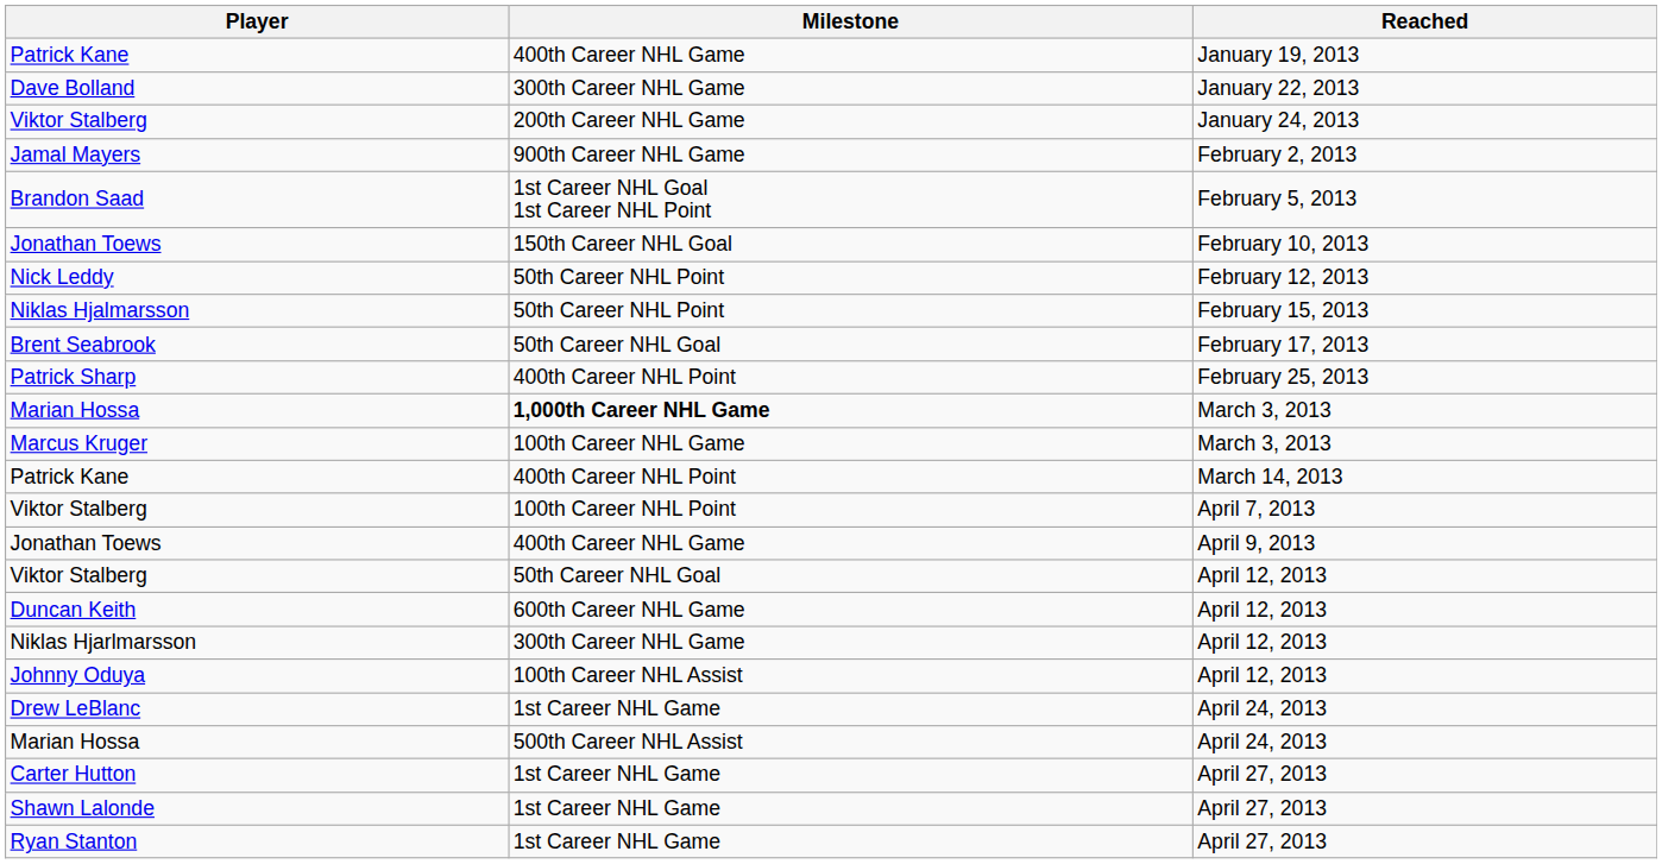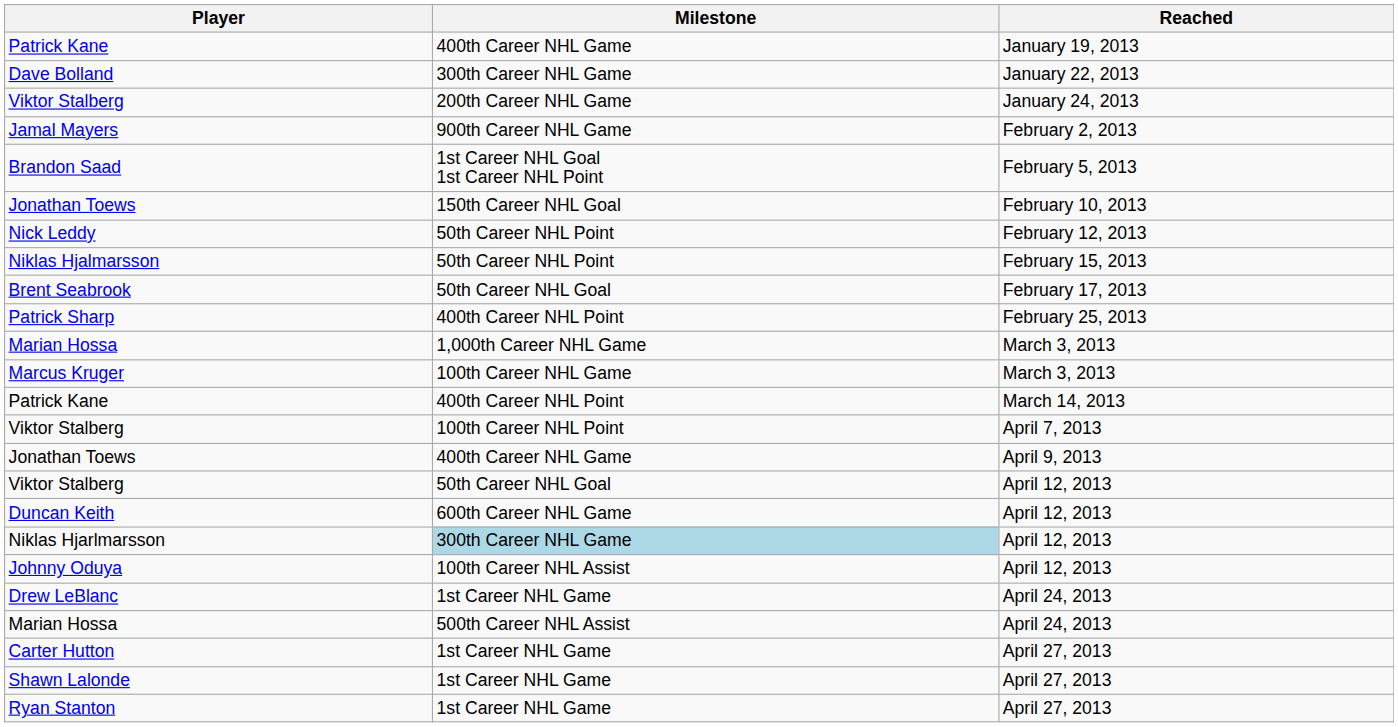 <table class="wikitable" style="width:100%;">
 <tr>
 <th>Player</th>
 <th>Milestone</th>
 <th>Reached</th>
 </tr>
 <tr>
 <td><a href='#'>Patrick Kane</a></td>
 <td>400th Career NHL Game</td>
 <td>January 19, 2013</td>
 </tr>
 <tr>
 <td><a href='#'>Dave Bolland</a></td>
 <td>300th Career NHL Game</td>
 <td>January 22, 2013</td>
 </tr>
 <tr>
 <td><a href='#'>Viktor Stalberg</a></td>
 <td>200th Career NHL Game</td>
 <td>January 24, 2013</td>
 </tr>
 <tr>
 <td><a href='#'>Jamal Mayers</a></td>
 <td>900th Career NHL Game</td>
 <td>February 2, 2013</td>
 </tr>
 <tr>
 <td><a href='#'>Brandon Saad</a></td>
 <td>1st Career NHL Goal<br>1st Career NHL Point</td>
 <td>February 5, 2013</td>
 </tr>
 <tr>
 <td><a href='#'>Jonathan Toews</a></td>
 <td>150th Career NHL Goal</td>
 <td>February 10, 2013</td>
 </tr>
 <tr>
 <td><a href='#'>Nick Leddy</a></td>
 <td>50th Career NHL Point</td>
 <td>February 12, 2013</td>
 </tr>
 <tr>
 <td><a href='#'>Niklas Hjalmarsson</a></td>
 <td>50th Career NHL Point</td>
 <td>February 15, 2013</td>
 </tr>
 <tr>
 <td><a href='#'>Brent Seabrook</a></td>
 <td>50th Career NHL Goal</td>
 <td>February 17, 2013</td>
 </tr>
 <tr>
 <td><a href='#'>Patrick Sharp</a></td>
 <td>400th Career NHL Point</td>
 <td>February 25, 2013</td>
 </tr>
 <tr>
 <td><a href='#'>Marian Hossa</a></td>
-<td><strong>1,000th Career NHL Game</strong></td>
+<td>1,000th Career NHL Game</td>
 <td>March 3, 2013</td>
 </tr>
 <tr>
 <td><a href='#'>Marcus Kruger</a></td>
 <td>100th Career NHL Game</td>
 <td>March 3, 2013</td>
 </tr>
 <tr>
 <td>Patrick Kane</td>
 <td>400th Career NHL Point</td>
 <td>March 14, 2013</td>
 </tr>
 <tr>
 <td>Viktor Stalberg</td>
 <td>100th Career NHL Point</td>
 <td>April 7, 2013</td>
 </tr>
 <tr>
 <td>Jonathan Toews</td>
 <td>400th Career NHL Game</td>
 <td>April 9, 2013</td>
 </tr>
 <tr>
 <td>Viktor Stalberg</td>
 <td>50th Career NHL Goal</td>
 <td>April 12, 2013</td>
 </tr>
 <tr>
 <td><a href='#'>Duncan Keith</a></td>
 <td>600th Career NHL Game</td>
 <td>April 12, 2013</td>
 </tr>
 <tr>
 <td>Niklas Hjarlmarsson</td>
-<td>300th Career NHL Game</td>
+<td style="background: lightblue;">300th Career NHL Game</td>
 <td>April 12, 2013</td>
 </tr>
 <tr>
 <td><a href='#'>Johnny Oduya</a></td>
 <td>100th Career NHL Assist</td>
 <td>April 12, 2013</td>
 </tr>
 <tr>
 <td><a href='#'>Drew LeBlanc</a></td>
 <td>1st Career NHL Game</td>
 <td>April 24, 2013</td>
 </tr>
 <tr>
 <td>Marian Hossa</td>
 <td>500th Career NHL Assist</td>
 <td>April 24, 2013</td>
 </tr>
 <tr>
 <td><a href='#'>Carter Hutton</a></td>
 <td>1st Career NHL Game</td>
 <td>April 27, 2013</td>
 </tr>
 <tr>
 <td><a href='#'>Shawn Lalonde</a></td>
 <td>1st Career NHL Game</td>
 <td>April 27, 2013</td>
 </tr>
 <tr>
 <td><a href='#'>Ryan Stanton</a></td>
 <td>1st Career NHL Game</td>
 <td>April 27, 2013</td>
 </tr>
 </table>
